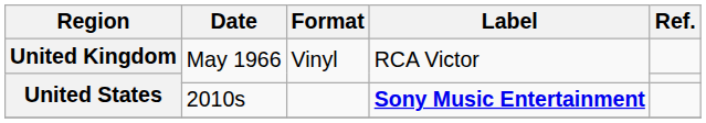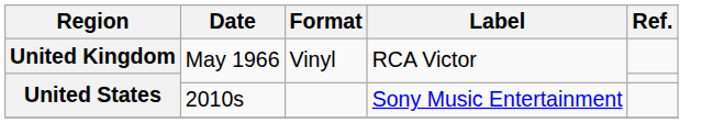 <table class="wikitable plainrowheaders">
 <tr>
 <th scope="col">Region</th>
 <th scope="col">Date</th>
 <th scope="col">Format</th>
 <th scope="col">Label</th>
 <th scope="col">Ref.</th>
 </tr>
 <tr>
 <th scope="row">United Kingdom</th>
 <td rowspan="2">May 1966</td>
 <td rowspan="2">Vinyl</td>
 <td rowspan="2">RCA Victor</td>
 <td></td>
 </tr>
 <tr>
 <th scope="row" rowspan="2">United States</th>
 <td></td>
 </tr>
 <tr>
 <td>2010s</td>
 <td></td>
-<td><strong><a href='#'>Sony Music Entertainment</a></strong></td>
+<td><a href='#'>Sony Music Entertainment</a></td>
 <td></td>
 </tr>
 <tr>
 </tr>
 </table>
